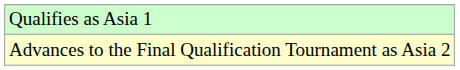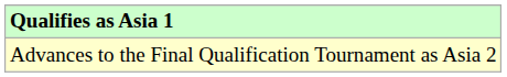 <table class="wikitable">
 <tr>
 </tr>
 <tr width=10px bgcolor=ccffcc>
-<td>Qualifies as Asia 1</td>
+<td><strong>Qualifies as Asia 1</strong></td>
 </tr>
 <tr width=10px bgcolor=ffffcc>
 <td>Advances to the Final Qualification Tournament as Asia 2</td>
 </tr>
 </table>
